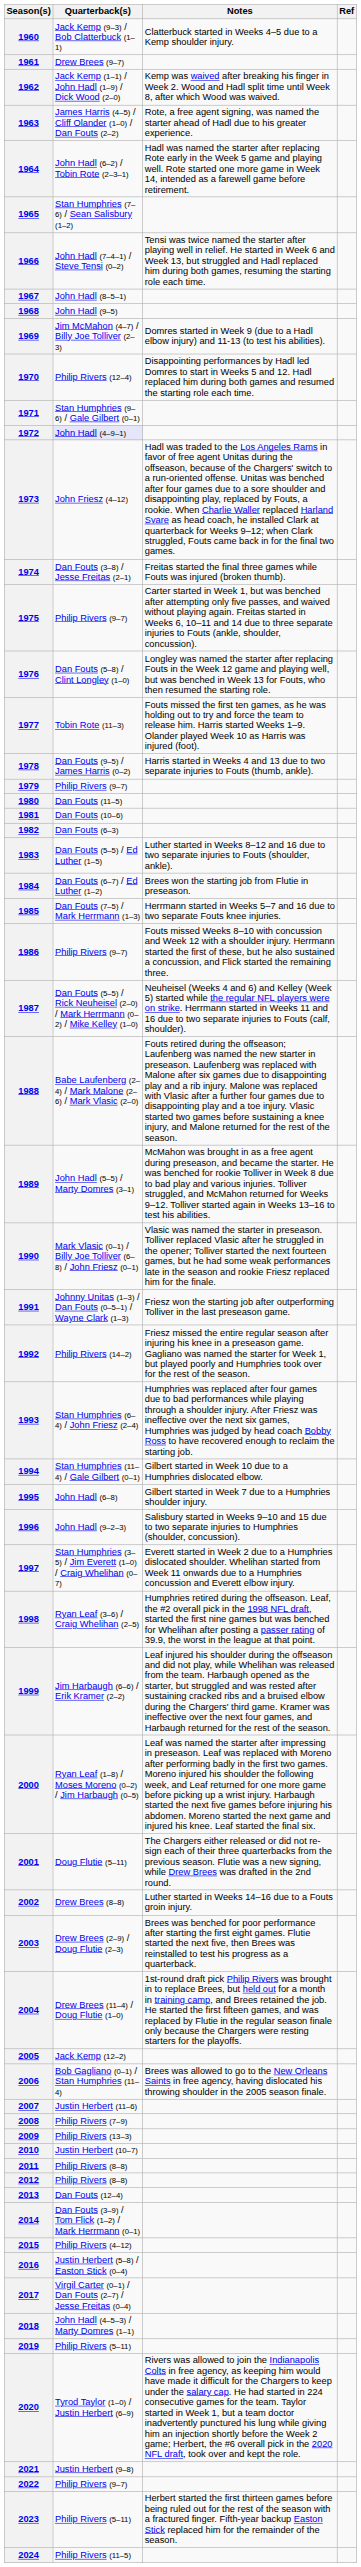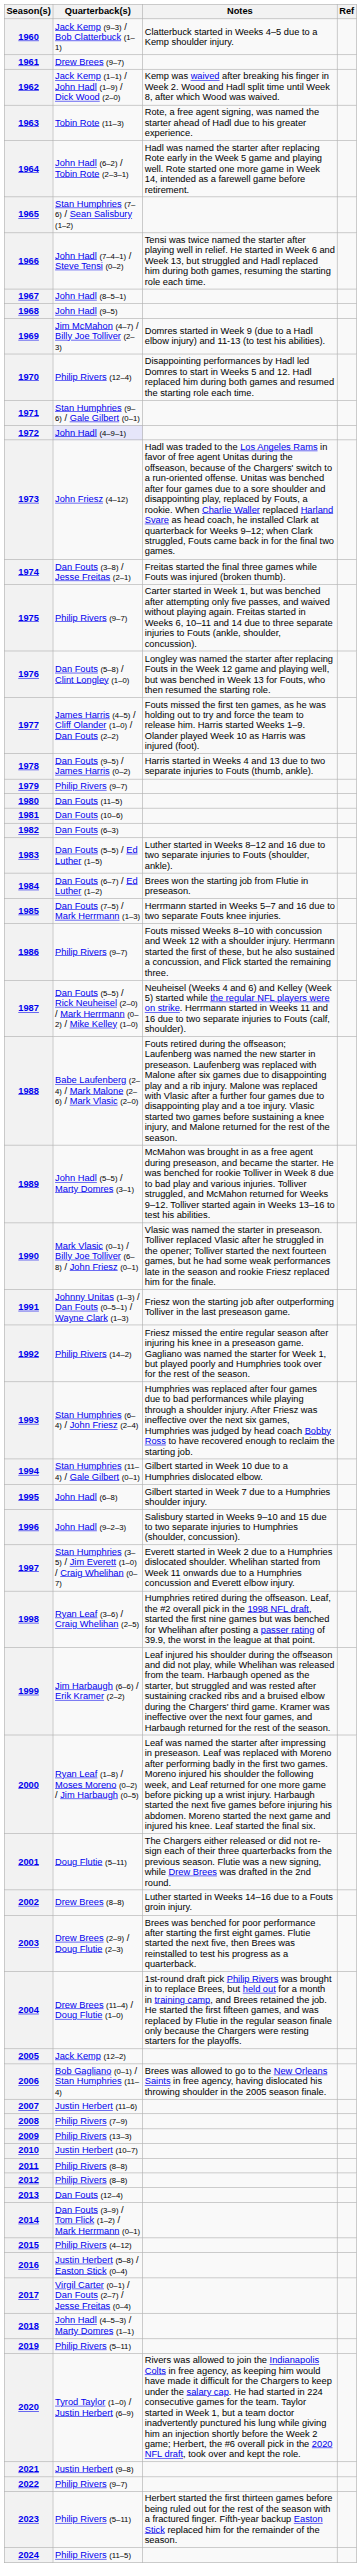 <table class="wikitable plainrowheaders">
 <tr>
 <th>Season(s)</th>
 <th>Quarterback(s)</th>
 <th>Notes</th>
 <th>Ref</th>
 </tr>
 <tr>
 <th scope="row"><a href='#'>1960</a></th>
 <td><a href='#'>Jack Kemp</a> <small>(9–3)</small> / <a href='#'>Bob Clatterbuck</a> <small>(1–1)</small></td>
 <td>Clatterbuck started in Weeks 4–5 due to a Kemp shoulder injury.</td>
 <td></td>
 </tr>
 <tr>
 <th scope="row"><a href='#'>1961</a></th>
 <td><a href='#'>Drew Brees</a> <small>(9–7)</small></td>
 <td></td>
 <td></td>
 </tr>
 <tr>
 <th scope="row"><a href='#'>1962</a></th>
 <td><a href='#'>Jack Kemp</a> <small>(1–1)</small> / <a href='#'>John Hadl</a> <small>(1–9)</small> / <a href='#'>Dick Wood</a> <small>(2–0)</small></td>
 <td>Kemp was <a href='#'>waived</a> after breaking his finger in Week 2. Wood and Hadl split time until Week 8, after which Wood was waived.</td>
 <td></td>
 </tr>
 <tr>
 <th scope="row"><a href='#'>1963</a></th>
-<td><a href='#'>James Harris</a> <small>(4–5)</small> / <a href='#'>Cliff Olander</a> <small>(1–0)</small> / <a href='#'>Dan Fouts</a> <small>(2–2)</small></td>
+<td><a href='#'>Tobin Rote</a> <small>(11–3)</small></td>
 <td>Rote, a free agent signing, was named the starter ahead of Hadl due to his greater experience.</td>
 <td></td>
 </tr>
 <tr>
 <th scope="row"><a href='#'>1964</a></th>
 <td><a href='#'>John Hadl</a> <small>(6–2)</small> / <a href='#'>Tobin Rote</a> <small>(2–3–1)</small></td>
 <td>Hadl was named the starter after replacing Rote early in the Week 5 game and playing well. Rote started one more game in Week 14, intended as a farewell game before retirement.</td>
 <td></td>
 </tr>
 <tr>
 <th scope="row"><a href='#'>1965</a></th>
 <td><a href='#'>Stan Humphries</a> <small>(7–6)</small> / <a href='#'>Sean Salisbury</a> <small>(1–2)</small></td>
 <td></td>
 <td></td>
 </tr>
 <tr>
 <th scope="row"><a href='#'>1966</a></th>
 <td><a href='#'>John Hadl</a> <small>(7–4–1)</small> / <a href='#'>Steve Tensi</a> <small>(0–2)</small></td>
 <td>Tensi was twice named the starter after playing well in relief. He started in Week 6 and Week 13, but struggled and Hadl replaced him during both games, resuming the starting role each time.</td>
 <td></td>
 </tr>
 <tr>
 <th scope="row"><a href='#'>1967</a></th>
 <td><a href='#'>John Hadl</a> <small>(8–5–1)</small></td>
 <td></td>
 <td></td>
 </tr>
 <tr>
 <th scope="row"><a href='#'>1968</a></th>
 <td><a href='#'>John Hadl</a> <small>(9–5)</small></td>
 <td></td>
 <td></td>
 </tr>
 <tr>
 <th scope="row"><a href='#'>1969</a></th>
 <td><a href='#'>Jim McMahon</a> <small>(4–7)</small> / <a href='#'>Billy Joe Tolliver</a> <small>(2–3)</small></td>
 <td>Domres started in Week 9 (due to a Hadl elbow injury) and 11-13 (to test his abilities).</td>
 <td></td>
 </tr>
 <tr>
 <th scope="row"><a href='#'>1970</a></th>
 <td><a href='#'>Philip Rivers</a> <small>(12–4)</small></td>
 <td>Disappointing performances by Hadl led Domres to start in Weeks 5 and 12. Hadl replaced him during both games and resumed the starting role each time.</td>
 <td></td>
 </tr>
 <tr>
 <th scope="row"><a href='#'>1971</a></th>
 <td><a href='#'>Stan Humphries</a> <small>(9–6)</small> / <a href='#'>Gale Gilbert</a> <small>(0–1)</small></td>
 <td></td>
 <td></td>
 </tr>
 <tr>
 <th scope="row"><a href='#'>1972</a></th>
 <td style="background: lavender;"><a href='#'>John Hadl</a> <small>(4–9–1)</small></td>
 <td></td>
 <td></td>
 </tr>
 <tr>
 <th scope="row"><a href='#'>1973</a></th>
 <td><a href='#'>John Friesz</a> <small>(4–12)</small></td>
 <td>Hadl was traded to the <a href='#'>Los Angeles Rams</a> in favor of free agent Unitas during the offseason, because of the Chargers' switch to a run-oriented offense. Unitas was benched after four games due to a sore shoulder and disappointing play, replaced by Fouts, a rookie. When <a href='#'>Charlie Waller</a> replaced <a href='#'>Harland Svare</a> as head coach, he installed Clark at quarterback for Weeks 9–12; when Clark struggled, Fouts came back in for the final two games.</td>
 <td></td>
 </tr>
 <tr>
 <th scope="row"><a href='#'>1974</a></th>
 <td><a href='#'>Dan Fouts</a> <small>(3–8)</small> / <a href='#'>Jesse Freitas</a> <small>(2–1)</small></td>
 <td>Freitas started the final three games while Fouts was injured (broken thumb).</td>
 <td></td>
 </tr>
 <tr>
 <th scope="row"><a href='#'>1975</a></th>
 <td><a href='#'>Philip Rivers</a> <small>(9–7)</small></td>
 <td>Carter started in Week 1, but was benched after attempting only five passes, and waived without playing again. Freitas started in Weeks 6, 10–11 and 14 due to three separate injuries to Fouts (ankle, shoulder, concussion).</td>
 <td></td>
 </tr>
 <tr>
 <th scope="row"><a href='#'>1976</a></th>
 <td><a href='#'>Dan Fouts</a> <small>(5–8)</small> / <a href='#'>Clint Longley</a> <small>(1–0)</small></td>
 <td>Longley was named the starter after replacing Fouts in the Week 12 game and playing well, but was benched in Week 13 for Fouts, who then resumed the starting role.</td>
 <td></td>
 </tr>
 <tr>
 <th scope="row"><a href='#'>1977</a></th>
-<td><a href='#'>Tobin Rote</a> <small>(11–3)</small></td>
+<td><a href='#'>James Harris</a> <small>(4–5)</small> / <a href='#'>Cliff Olander</a> <small>(1–0)</small> / <a href='#'>Dan Fouts</a> <small>(2–2)</small></td>
 <td>Fouts missed the first ten games, as he was holding out to try and force the team to release him. Harris started Weeks 1–9. Olander played Week 10 as Harris was injured (foot).</td>
 <td></td>
 </tr>
 <tr>
 <th scope="row"><a href='#'>1978</a></th>
 <td><a href='#'>Dan Fouts</a> <small>(9–5)</small> / <a href='#'>James Harris</a> <small>(0–2)</small></td>
 <td>Harris started in Weeks 4 and 13 due to two separate injuries to Fouts (thumb, ankle).</td>
 <td></td>
 </tr>
 <tr>
 <th scope="row"><a href='#'>1979</a></th>
 <td><a href='#'>Philip Rivers</a> <small>(9–7)</small></td>
 <td></td>
 <td></td>
 </tr>
 <tr>
 <th scope="row"><a href='#'>1980</a></th>
 <td><a href='#'>Dan Fouts</a> <small>(11–5)</small></td>
 <td></td>
 <td></td>
 </tr>
 <tr>
 <th scope="row"><a href='#'>1981</a></th>
 <td><a href='#'>Dan Fouts</a> <small>(10–6)</small></td>
 <td></td>
 <td></td>
 </tr>
 <tr>
 <th scope="row"><a href='#'>1982</a></th>
 <td><a href='#'>Dan Fouts</a> <small>(6–3)</small></td>
 <td></td>
 <td></td>
 </tr>
 <tr>
 <th scope="row"><a href='#'>1983</a></th>
 <td><a href='#'>Dan Fouts</a> <small>(5–5)</small> / <a href='#'>Ed Luther</a> <small>(1–5)</small></td>
 <td>Luther started in Weeks 8–12 and 16 due to two separate injuries to Fouts (shoulder, ankle).</td>
 <td></td>
 </tr>
 <tr>
 <th scope="row"><a href='#'>1984</a></th>
 <td><a href='#'>Dan Fouts</a> <small>(6–7)</small> / <a href='#'>Ed Luther</a> <small>(1–2)</small></td>
 <td>Brees won the starting job from Flutie in preseason.</td>
 <td></td>
 </tr>
 <tr>
 <th scope="row"><a href='#'>1985</a></th>
 <td><a href='#'>Dan Fouts</a> <small>(7–5)</small> / <a href='#'>Mark Herrmann</a> <small>(1–3)</small></td>
 <td>Herrmann started in Weeks 5–7 and 16 due to two separate Fouts knee injuries.</td>
 <td></td>
 </tr>
 <tr>
 <th scope="row"><a href='#'>1986</a></th>
 <td><a href='#'>Philip Rivers</a> <small>(9–7)</small></td>
 <td>Fouts missed Weeks 8–10 with concussion and Week 12 with a shoulder injury. Herrmann started the first of these, but he also sustained a concussion, and Flick started the remaining three.</td>
 <td></td>
 </tr>
 <tr>
 <th scope="row"><a href='#'>1987</a></th>
 <td><a href='#'>Dan Fouts</a> <small>(5–5)</small> / <a href='#'>Rick Neuheisel</a> <small>(2–0)</small> / <a href='#'>Mark Herrmann</a> <small>(0–2)</small> / <a href='#'>Mike Kelley</a> <small>(1–0)</small></td>
 <td>Neuheisel (Weeks 4 and 6) and Kelley (Week 5) started while <a href='#'>the regular NFL players were on strike</a>. Herrmann started in Weeks 11 and 16 due to two separate injuries to Fouts (calf, shoulder).</td>
 <td></td>
 </tr>
 <tr>
 <th scope="row"><a href='#'>1988</a></th>
 <td><a href='#'>Babe Laufenberg</a> <small>(2–4)</small> / <a href='#'>Mark Malone</a> <small>(2–6)</small> / <a href='#'>Mark Vlasic</a> <small>(2–0)</small></td>
 <td>Fouts retired during the offseason; Laufenberg was named the new starter in preseason. Laufenberg was replaced with Malone after six games due to disappointing play and a rib injury. Malone was replaced with Vlasic after a further four games due to disappointing play and a toe injury. Vlasic started two games before sustaining a knee injury, and Malone returned for the rest of the season.</td>
 <td></td>
 </tr>
 <tr>
 <th scope="row"><a href='#'>1989</a></th>
 <td><a href='#'>John Hadl</a> <small>(5–5)</small> / <a href='#'>Marty Domres</a> <small>(3–1)</small></td>
 <td>McMahon was brought in as a free agent during preseason, and became the starter. He was benched for rookie Tolliver in Week 8 due to bad play and various injuries. Tolliver struggled, and McMahon returned for Weeks 9–12. Tolliver started again in Weeks 13–16 to test his abilities.</td>
 <td></td>
 </tr>
 <tr>
 <th scope="row"><a href='#'>1990</a></th>
 <td><a href='#'>Mark Vlasic</a> <small>(0–1)</small> / <a href='#'>Billy Joe Tolliver</a> <small>(6–8)</small> / <a href='#'>John Friesz</a> <small>(0–1)</small></td>
 <td>Vlasic was named the starter in preseason. Tolliver replaced Vlasic after he struggled in the opener; Tolliver started the next fourteen games, but he had some weak performances late in the season and rookie Friesz replaced him for the finale.</td>
 <td></td>
 </tr>
 <tr>
 <th scope="row"><a href='#'>1991</a></th>
 <td><a href='#'>Johnny Unitas</a> <small>(1–3)</small> / <a href='#'>Dan Fouts</a> <small>(0–5–1)</small> / <a href='#'>Wayne Clark</a> <small>(1–3)</small></td>
 <td>Friesz won the starting job after outperforming Tolliver in the last preseason game.</td>
 <td></td>
 </tr>
 <tr>
 <th scope="row"><a href='#'>1992</a></th>
 <td><a href='#'>Philip Rivers</a> <small>(14–2)</small></td>
 <td>Friesz missed the entire regular season after injuring his knee in a preseason game. Gagliano was named the starter for Week 1, but played poorly and Humphries took over for the rest of the season.</td>
 <td></td>
 </tr>
 <tr>
 <th scope="row"><a href='#'>1993</a></th>
 <td><a href='#'>Stan Humphries</a> <small>(6–4)</small> / <a href='#'>John Friesz</a> <small>(2–4)</small></td>
 <td>Humphries was replaced after four games due to bad performances while playing through a shoulder injury. After Friesz was ineffective over the next six games, Humphries was judged by head coach <a href='#'>Bobby Ross</a> to have recovered enough to reclaim the starting job.</td>
 <td></td>
 </tr>
 <tr>
 <th scope="row"><a href='#'>1994</a></th>
 <td><a href='#'>Stan Humphries</a> <small>(11–4)</small> / <a href='#'>Gale Gilbert</a> <small>(0–1)</small></td>
 <td>Gilbert started in Week 10 due to a Humphries dislocated elbow.</td>
 <td></td>
 </tr>
 <tr>
 <th scope="row"><a href='#'>1995</a></th>
 <td><a href='#'>John Hadl</a> <small>(6–8)</small></td>
 <td>Gilbert started in Week 7 due to a Humphries shoulder injury.</td>
 <td></td>
 </tr>
 <tr>
 <th scope="row"><a href='#'>1996</a></th>
 <td><a href='#'>John Hadl</a> <small>(9–2–3)</small></td>
 <td>Salisbury started in Weeks 9–10 and 15 due to two separate injuries to Humphries (shoulder, concussion).</td>
 <td></td>
 </tr>
 <tr>
 <th scope="row"><a href='#'>1997</a></th>
 <td><a href='#'>Stan Humphries</a> <small>(3–5)</small> / <a href='#'>Jim Everett</a> <small>(1–0)</small> / <a href='#'>Craig Whelihan</a> <small>(0–7)</small></td>
 <td>Everett started in Week 2 due to a Humphries dislocated shoulder. Whelihan started from Week 11 onwards due to a Humphries concussion and Everett elbow injury.</td>
 <td></td>
 </tr>
 <tr>
 <th scope="row"><a href='#'>1998</a></th>
 <td><a href='#'>Ryan Leaf</a> <small>(3–6)</small> / <a href='#'>Craig Whelihan</a> <small>(2–5)</small></td>
 <td>Humphries retired during the offseason. Leaf, the #2 overall pick in the <a href='#'>1998 NFL draft</a>, started the first nine games but was benched for Whelihan after posting a <a href='#'>passer rating</a> of 39.9, the worst in the league at that point.</td>
 <td></td>
 </tr>
 <tr>
 <th scope="row"><a href='#'>1999</a></th>
 <td><a href='#'>Jim Harbaugh</a> <small>(6–6)</small> / <a href='#'>Erik Kramer</a> <small>(2–2)</small></td>
 <td>Leaf injured his shoulder during the offseason and did not play, while Whelihan was released from the team. Harbaugh opened as the starter, but struggled and was rested after sustaining cracked ribs and a bruised elbow during the Chargers' third game. Kramer was ineffective over the next four games, and Harbaugh returned for the rest of the season.</td>
 <td></td>
 </tr>
 <tr>
 <th scope="row"><a href='#'>2000</a></th>
 <td><a href='#'>Ryan Leaf</a> <small>(1–8)</small> / <a href='#'>Moses Moreno</a> <small>(0–2)</small> / <a href='#'>Jim Harbaugh</a> <small>(0–5)</small></td>
 <td>Leaf was named the starter after impressing in preseason. Leaf was replaced with Moreno after performing badly in the first two games. Moreno injured his shoulder the following week, and Leaf returned for one more game before picking up a wrist injury. Harbaugh started the next five games before injuring his abdomen. Moreno started the next game and injured his knee. Leaf started the final six.</td>
 <td></td>
 </tr>
 <tr>
 <th scope="row"><a href='#'>2001</a></th>
 <td><a href='#'>Doug Flutie</a> <small>(5–11)</small></td>
 <td>The Chargers either released or did not re-sign each of their three quarterbacks from the previous season. Flutie was a new signing, while <a href='#'>Drew Brees</a> was drafted in the 2nd round.</td>
 <td></td>
 </tr>
 <tr>
 <th scope="row"><a href='#'>2002</a></th>
 <td><a href='#'>Drew Brees</a> <small>(8–8)</small></td>
 <td>Luther started in Weeks 14–16 due to a Fouts groin injury.</td>
 <td></td>
 </tr>
 <tr>
 <th scope="row"><a href='#'>2003</a></th>
 <td><a href='#'>Drew Brees</a> <small>(2–9)</small> / <a href='#'>Doug Flutie</a> <small>(2–3)</small></td>
 <td>Brees was benched for poor performance after starting the first eight games. Flutie started the next five, then Brees was reinstalled to test his progress as a quarterback.</td>
 <td></td>
 </tr>
 <tr>
 <th scope="row"><a href='#'>2004</a></th>
 <td><a href='#'>Drew Brees</a> <small>(11–4)</small> / <a href='#'>Doug Flutie</a> <small>(1–0)</small></td>
 <td>1st-round draft pick <a href='#'>Philip Rivers</a> was brought in to replace Brees, but <a href='#'>held out</a> for a month in <a href='#'>training camp</a>, and Brees retained the job. He started the first fifteen games, and was replaced by Flutie in the regular season finale only because the Chargers were resting starters for the playoffs.</td>
 <td></td>
 </tr>
 <tr>
 <th scope="row"><a href='#'>2005</a></th>
 <td><a href='#'>Jack Kemp</a> <small>(12–2)</small></td>
 <td></td>
 <td></td>
 </tr>
 <tr>
 <th scope="row"><a href='#'>2006</a></th>
 <td><a href='#'>Bob Gagliano</a> <small>(0–1)</small> / <a href='#'>Stan Humphries</a> <small>(11–4)</small></td>
 <td>Brees was allowed to go to the <a href='#'>New Orleans Saints</a> in free agency, having dislocated his throwing shoulder in the 2005 season finale.</td>
 <td></td>
 </tr>
 <tr>
 <th scope="row"><a href='#'>2007</a></th>
 <td><a href='#'>Justin Herbert</a> <small>(11–6)</small></td>
 <td></td>
 <td></td>
 </tr>
 <tr>
 <th scope="row"><a href='#'>2008</a></th>
 <td><a href='#'>Philip Rivers</a> <small>(7–9)</small></td>
 <td></td>
 <td></td>
 </tr>
 <tr>
 <th scope="row"><a href='#'>2009</a></th>
 <td><a href='#'>Philip Rivers</a> <small>(13–3)</small></td>
 <td></td>
 <td></td>
 </tr>
 <tr>
 <th scope="row"><a href='#'>2010</a></th>
 <td><a href='#'>Justin Herbert</a> <small>(10–7)</small></td>
 <td></td>
 <td></td>
 </tr>
 <tr>
 <th scope="row"><a href='#'>2011</a></th>
 <td><a href='#'>Philip Rivers</a> <small>(8–8)</small></td>
 <td></td>
 <td></td>
 </tr>
 <tr>
 <th scope="row"><a href='#'>2012</a></th>
 <td><a href='#'>Philip Rivers</a> <small>(8–8)</small></td>
 <td></td>
 <td></td>
 </tr>
 <tr>
 <th scope="row"><a href='#'>2013</a></th>
 <td><a href='#'>Dan Fouts</a> <small>(12–4)</small></td>
 <td></td>
 <td></td>
 </tr>
 <tr>
 <th scope="row"><a href='#'>2014</a></th>
 <td><a href='#'>Dan Fouts</a> <small>(3–9)</small> / <a href='#'>Tom Flick</a> <small>(1–2)</small> / <a href='#'>Mark Herrmann</a> <small>(0–1)</small></td>
 <td></td>
 <td></td>
 </tr>
 <tr>
 <th scope="row"><a href='#'>2015</a></th>
 <td><a href='#'>Philip Rivers</a> <small>(4–12)</small></td>
 <td></td>
 <td></td>
 </tr>
 <tr>
 <th scope="row"><a href='#'>2016</a></th>
 <td><a href='#'>Justin Herbert</a> <small>(5–8)</small> / <a href='#'>Easton Stick</a> <small>(0–4)</small></td>
 <td></td>
 <td></td>
 </tr>
 <tr>
 <th scope="row"><a href='#'>2017</a></th>
 <td><a href='#'>Virgil Carter</a> <small>(0–1)</small> / <a href='#'>Dan Fouts</a> <small>(2–7)</small> / <a href='#'>Jesse Freitas</a> <small>(0–4)</small></td>
 <td></td>
 <td></td>
 </tr>
 <tr>
 <th scope="row"><a href='#'>2018</a></th>
 <td><a href='#'>John Hadl</a> <small>(4–5–3)</small> / <a href='#'>Marty Domres</a> <small>(1–1)</small></td>
 <td></td>
 <td></td>
 </tr>
 <tr>
 <th scope="row"><a href='#'>2019</a></th>
 <td><a href='#'>Philip Rivers</a> <small>(5–11)</small></td>
 <td></td>
 <td></td>
 </tr>
 <tr>
 <th scope="row"><a href='#'>2020</a></th>
 <td><a href='#'>Tyrod Taylor</a> <small>(1–0)</small> / <a href='#'>Justin Herbert</a> <small>(6–9)</small></td>
 <td>Rivers was allowed to join the <a href='#'>Indianapolis Colts</a> in free agency, as keeping him would have made it difficult for the Chargers to keep under the <a href='#'>salary cap</a>. He had started in 224 consecutive games for the team. Taylor started in Week 1, but a team doctor inadvertently punctured his lung while giving him an injection shortly before the Week 2 game; Herbert, the #6 overall pick in the <a href='#'>2020 NFL draft</a>, took over and kept the role.</td>
 <td><br></td>
 </tr>
 <tr>
 <th scope="row"><a href='#'>2021</a></th>
 <td><a href='#'>Justin Herbert</a> <small>(9–8)</small></td>
 <td></td>
 <td></td>
 </tr>
 <tr>
 <th scope="row"><a href='#'>2022</a></th>
 <td><a href='#'>Philip Rivers</a> <small>(9–7)</small></td>
 <td></td>
 <td></td>
 </tr>
 <tr>
 <th scope="row"><a href='#'>2023</a></th>
 <td><a href='#'>Philip Rivers</a> <small>(5–11)</small></td>
 <td>Herbert started the first thirteen games before being ruled out for the rest of the season with a fractured finger. Fifth-year backup <a href='#'>Easton Stick</a> replaced him for the remainder of the season.</td>
 <td></td>
 </tr>
 <tr>
 <th scope="row"><a href='#'>2024</a></th>
 <td><a href='#'>Philip Rivers</a> <small>(11–5)</small></td>
 <td></td>
 <td></td>
 </tr>
 </table>
